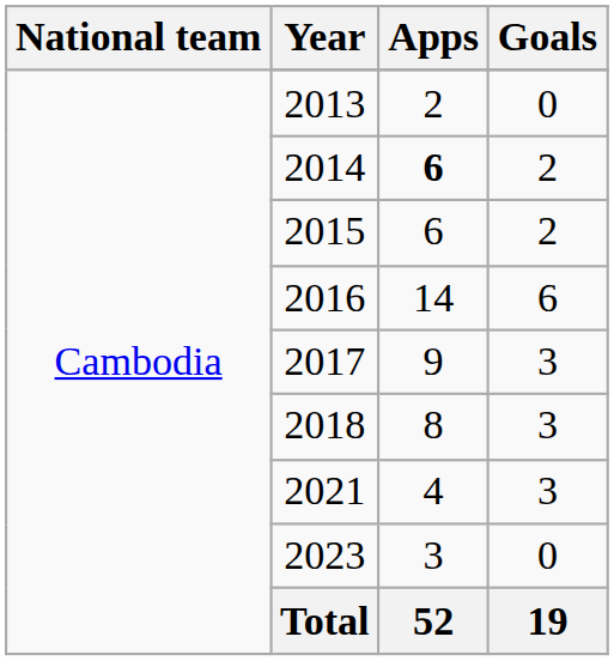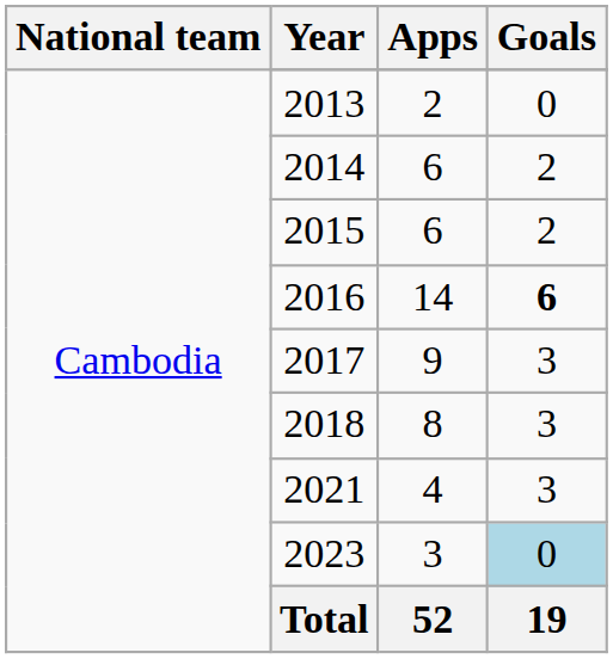 <table class="wikitable" style="text-align:center">
 <tr>
 <th>National team</th>
 <th>Year</th>
 <th>Apps</th>
 <th>Goals</th>
 </tr>
 <tr>
 <td rowspan="10"><a href='#'>Cambodia</a></td>
 </tr>
 <tr>
 <td>2013</td>
 <td>2</td>
 <td>0</td>
 </tr>
 <tr>
 <td>2014</td>
-<td><strong>6</strong></td>
+<td>6</td>
 <td>2</td>
 </tr>
 <tr>
 <td>2015</td>
 <td>6</td>
 <td>2</td>
 </tr>
 <tr>
 <td>2016</td>
 <td>14</td>
-<td>6</td>
+<td><strong>6</strong></td>
 </tr>
 <tr>
 <td>2017</td>
 <td>9</td>
 <td>3</td>
 </tr>
 <tr>
 <td>2018</td>
 <td>8</td>
 <td>3</td>
 </tr>
 <tr>
 <td>2021</td>
 <td>4</td>
 <td>3</td>
 </tr>
 <tr>
 <td>2023</td>
 <td>3</td>
-<td>0</td>
+<td style="background: lightblue;">0</td>
 </tr>
 <tr>
 <th>Total</th>
 <th>52</th>
 <th>19</th>
 </tr>
 </table>
